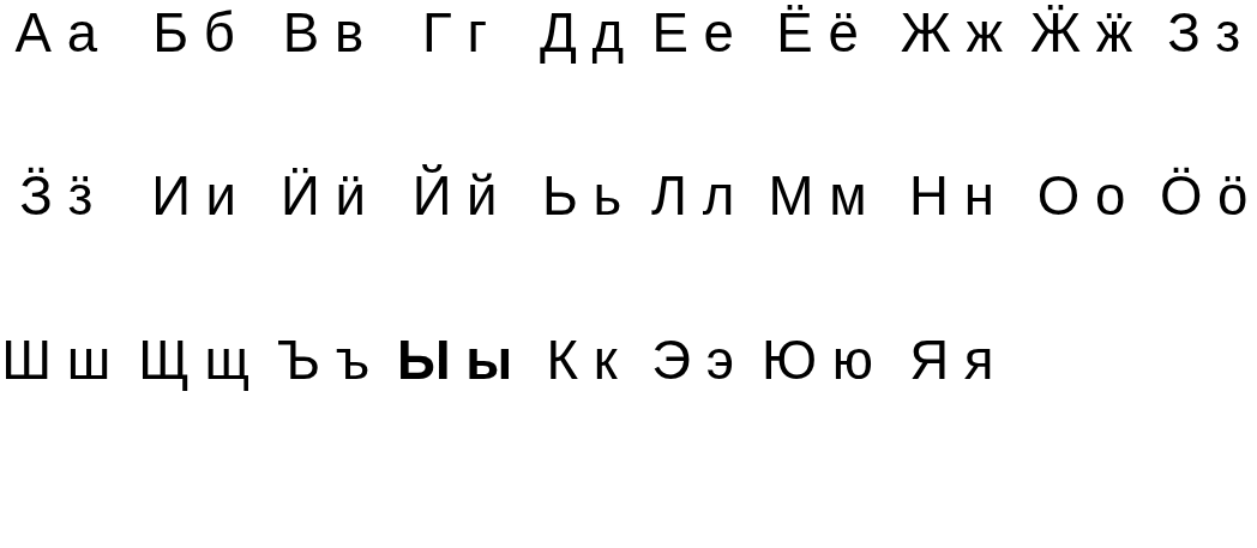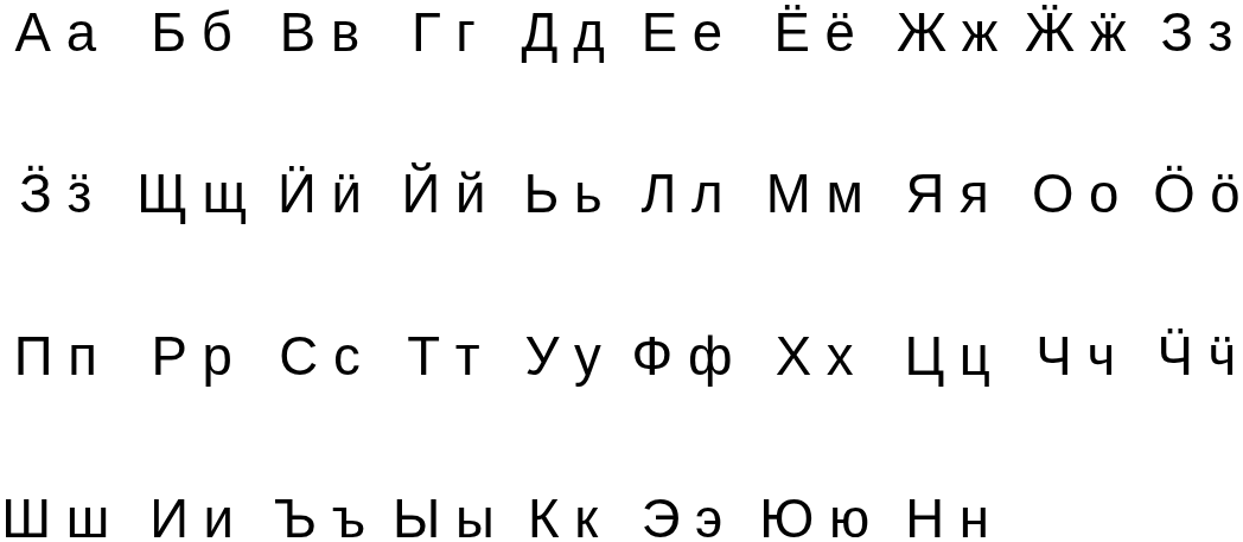 <table class=standard cellpadding=5 style="font-size: 1.5em; line-height: 2.5em; text-align: center;">
 <tr>
 <td style=«width:3em;»>А а</td>
 <td style=«width:3em;»>Б б</td>
 <td style=«width:3em;»>В в</td>
 <td style=«width:3em;»>Г г</td>
 <td style=«width:3em;»>Д д</td>
 <td style=«width:3em;»>Е е</td>
 <td style=«width:3em;»>Ё ё</td>
 <td style=«width:3em;»>Ж ж</td>
 <td style=«width:3em;»>Ӝ ӝ</td>
 <td style=«width:3em;»>З з</td>
 </tr>
 <tr>
 <td style=«width:3em;»>Ӟ ӟ</td>
-<td style=«width:3em;»>И и</td>
+<td style=«width:3em;»>Щ щ</td>
 <td style=«width:3em;»>Ӥ ӥ</td>
 <td style=«width:3em;»>Й й</td>
 <td style=«width:3em;»>Ь ь</td>
 <td style=«width:3em;»>Л л</td>
 <td style=«width:3em;»>М м</td>
-<td style=«width:3em;»>Н н</td>
+<td style=«width:3em;»>Я я</td>
 <td style=«width:3em;»>О о</td>
 <td style=«width:3em;»>Ӧ ӧ</td>
 </tr>
 <tr>
+<td style=«width:3em;»>П п</td>
+<td style=«width:3em;»>Р р</td>
+<td style=«width:3em;»>С с</td>
+<td style=«width:3em;»>Т т</td>
+<td style=«width:3em;»>У у</td>
+<td style=«width:3em;»>Ф ф</td>
+<td style=«width:3em;»>Х х</td>
+<td style=«width:3em;»>Ц ц</td>
+<td style=«width:3em;»>Ч ч</td>
+<td style=«width:3em;»>Ӵ ӵ</td>
+</tr>
+<tr>
 <td style=«width:3em;»>Ш ш</td>
-<td style=«width:3em;»>Щ щ</td>
+<td style=«width:3em;»>И и</td>
 <td style=«width:3em;»>Ъ ъ</td>
-<td style=«width:3em;»><strong>Ы ы</strong></td>
+<td style=«width:3em;»>Ы ы</td>
 <td style=«width:3em;»>К к</td>
 <td style=«width:3em;»>Э э</td>
 <td style=«width:3em;»>Ю ю</td>
-<td style=«width:3em;»>Я я</td>
+<td style=«width:3em;»>Н н</td>
 </tr>
 </table>
